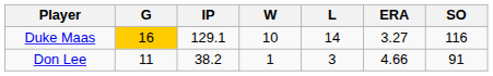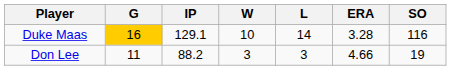 <table class="wikitable sortable">
 <tr>
 <th bgcolor="#DDDDFF" width="16%">Player</th>
 <th bgcolor="#DDDDFF" width="9%">G</th>
 <th bgcolor="#DDDDFF" width="9%">IP</th>
 <th bgcolor="#DDDDFF" width="9%">W</th>
 <th bgcolor="#DDDDFF" width="9%">L</th>
 <th bgcolor="#DDDDFF" width="9%">ERA</th>
 <th bgcolor="#DDDDFF" width="9%">SO</th>
 </tr>
 <tr align="center">
 <td><a href='#'>Duke Maas</a></td>
 <td style="background:#fc0;">16</td>
 <td>129.1</td>
 <td>10</td>
 <td>14</td>
-<td>3.27</td>
+<td>3.28</td>
 <td>116</td>
 </tr>
 <tr align="center">
 <td><a href='#'>Don Lee</a></td>
 <td>11</td>
-<td>38.2</td>
-<td>1</td>
+<td>88.2</td>
+<td>3</td>
 <td>3</td>
 <td>4.66</td>
-<td>91</td>
+<td>19</td>
 </tr>
 </table>
